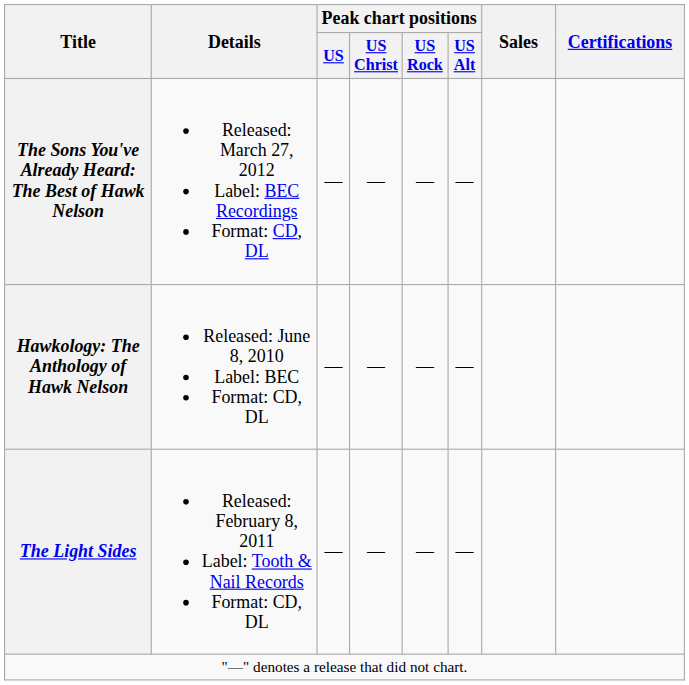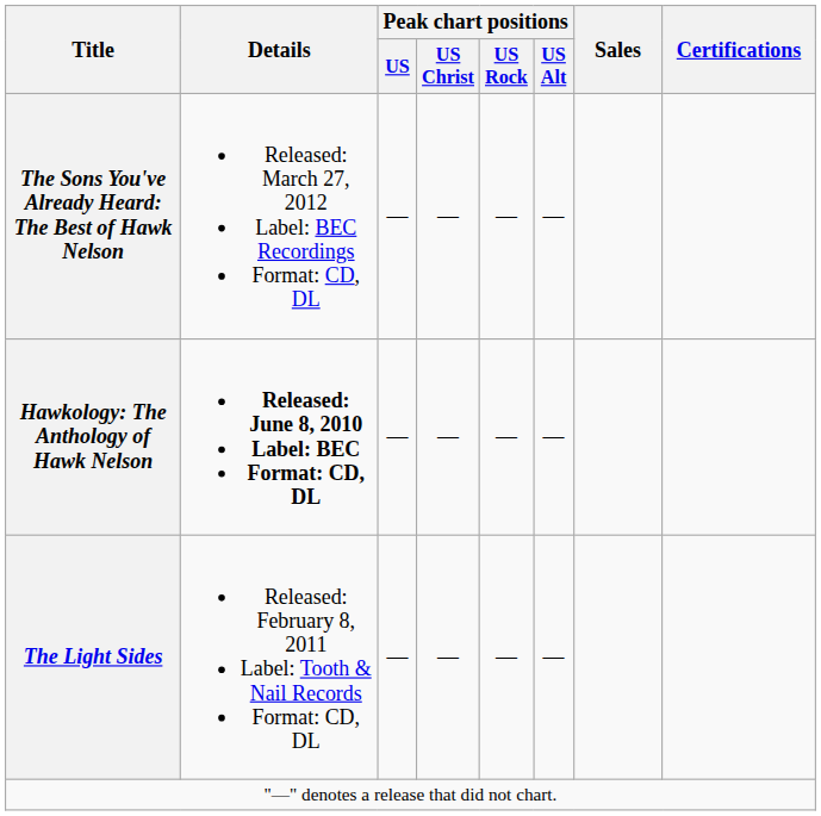 <table class="wikitable plainrowheaders" style="text-align:center;">
 <tr>
 <th rowspan="2" scope="col" style="width:21em;">Title</th>
 <th rowspan="2" scope="col" style="width:17em;">Details</th>
 <th colspan="4" scope="col">Peak chart positions</th>
 <th rowspan="2" scope="col" style="width:11em;">Sales</th>
 <th rowspan="2" scope="col" style="width:11em;"><a href='#'>Certifications</a></th>
 </tr>
 <tr>
 <th scope="col" style="width:3em;font-size:90%;"><a href='#'>US</a><br></th>
 <th scope="col" style="width:3em;font-size:90%;"><a href='#'>US<br>Christ</a><br></th>
 <th scope="col" style="width:3em;font-size:90%;"><a href='#'>US<br>Rock</a><br></th>
 <th scope="col" style="width:3em;font-size:90%;"><a href='#'>US<br>Alt</a><br></th>
 </tr>
 <tr>
 <th scope="row"><em>The Sons You've Already Heard: The Best of Hawk Nelson</em></th>
 <td><br><ul><li>Released: March 27, 2012</li><li>Label: <a href='#'>BEC Recordings</a></li><li>Format: <a href='#'>CD</a>, <a href='#'>DL</a></li></ul></td>
 <td>—</td>
 <td>—</td>
 <td>—</td>
 <td>—</td>
 <td></td>
 <td></td>
 </tr>
 <tr>
 <th scope="row"><em>Hawkology: The Anthology of Hawk Nelson</em></th>
-<td><br><ul><li>Released: June 8, 2010</li><li>Label: BEC</li><li>Format: CD, DL</li></ul></td>
+<td><strong><br><ul><li>Released: June 8, 2010</li><li>Label: BEC</li><li>Format: CD, DL</li></ul></strong></td>
 <td>—</td>
 <td>—</td>
 <td>—</td>
 <td>—</td>
 <td></td>
 <td></td>
 </tr>
 <tr>
 <th scope="row"><a href='#'><em>The Light Sides</em></a></th>
 <td><br><ul><li>Released: February 8, 2011</li><li>Label: <a href='#'>Tooth & Nail Records</a></li><li>Format: CD, DL</li></ul></td>
 <td>—</td>
 <td>—</td>
 <td>—</td>
 <td>—</td>
 <td></td>
 <td></td>
 </tr>
 <tr>
 <td colspan="15" style="text-align:center; font-size:85%;">"—" denotes a release that did not chart.</td>
 </tr>
 </table>
